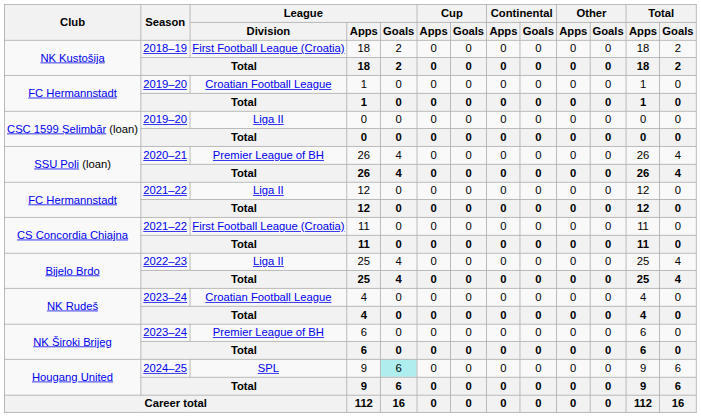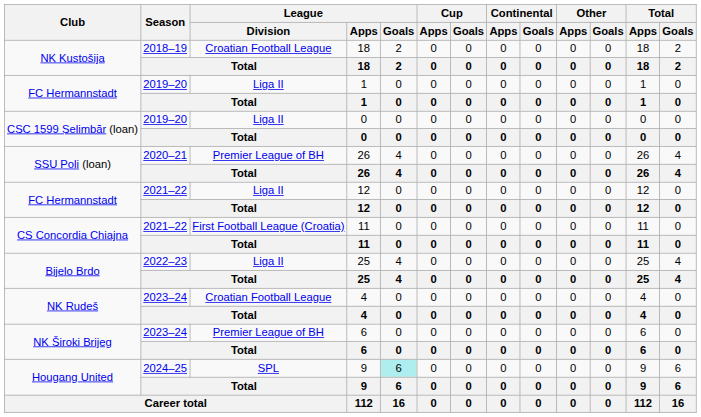 <table class="wikitable" style="text-align: center;font-size:90%">
 <tr>
 <th rowspan="2">Club</th>
 <th rowspan="2">Season</th>
 <th colspan="3">League</th>
 <th colspan="2">Cup</th>
 <th colspan="2">Continental</th>
 <th colspan="2">Other</th>
 <th colspan="2">Total</th>
 </tr>
 <tr>
 <th>Division</th>
 <th>Apps</th>
 <th>Goals</th>
 <th>Apps</th>
 <th>Goals</th>
 <th>Apps</th>
 <th>Goals</th>
 <th>Apps</th>
 <th>Goals</th>
 <th>Apps</th>
 <th>Goals</th>
 </tr>
 <tr>
 <td rowspan="2" valign="center"><a href='#'>NK Kustošija</a></td>
 <td><a href='#'>2018–19</a></td>
-<td><a href='#'>First Football League (Croatia)</a></td>
+<td><a href='#'>Croatian Football League</a></td>
 <td>18</td>
 <td>2</td>
 <td>0</td>
 <td>0</td>
 <td>0</td>
 <td>0</td>
 <td>0</td>
 <td>0</td>
 <td>18</td>
 <td>2</td>
 </tr>
 <tr>
 <th colspan="2">Total</th>
 <th>18</th>
 <th>2</th>
 <th>0</th>
 <th>0</th>
 <th>0</th>
 <th>0</th>
 <th>0</th>
 <th>0</th>
 <th>18</th>
 <th>2</th>
 </tr>
 <tr>
 <td rowspan="2" valign="center"><a href='#'>FC Hermannstadt</a></td>
 <td><a href='#'>2019–20</a></td>
-<td><a href='#'>Croatian Football League</a></td>
+<td><a href='#'>Liga II</a></td>
 <td>1</td>
 <td>0</td>
 <td>0</td>
 <td>0</td>
 <td>0</td>
 <td>0</td>
 <td>0</td>
 <td>0</td>
 <td>1</td>
 <td>0</td>
 </tr>
 <tr>
 <th colspan="2">Total</th>
 <th>1</th>
 <th>0</th>
 <th>0</th>
 <th>0</th>
 <th>0</th>
 <th>0</th>
 <th>0</th>
 <th>0</th>
 <th>1</th>
 <th>0</th>
 </tr>
 <tr>
 <td rowspan="2" valign="center"><a href='#'>CSC 1599 Șelimbăr</a> (loan)</td>
 <td><a href='#'>2019–20</a></td>
 <td><a href='#'>Liga II</a></td>
 <td>0</td>
 <td>0</td>
 <td>0</td>
 <td>0</td>
 <td>0</td>
 <td>0</td>
 <td>0</td>
 <td>0</td>
 <td>0</td>
 <td>0</td>
 </tr>
 <tr>
 <th colspan="2">Total</th>
 <th>0</th>
 <th>0</th>
 <th>0</th>
 <th>0</th>
 <th>0</th>
 <th>0</th>
 <th>0</th>
 <th>0</th>
 <th>0</th>
 <th>0</th>
 </tr>
 <tr>
 <td rowspan="2" valign="center"><a href='#'>SSU Poli</a> (loan)</td>
 <td><a href='#'>2020–21</a></td>
 <td><a href='#'>Premier League of BH</a></td>
 <td>26</td>
 <td>4</td>
 <td>0</td>
 <td>0</td>
 <td>0</td>
 <td>0</td>
 <td>0</td>
 <td>0</td>
 <td>26</td>
 <td>4</td>
 </tr>
 <tr>
 <th colspan="2">Total</th>
 <th>26</th>
 <th>4</th>
 <th>0</th>
 <th>0</th>
 <th>0</th>
 <th>0</th>
 <th>0</th>
 <th>0</th>
 <th>26</th>
 <th>4</th>
 </tr>
 <tr>
 <td rowspan="2" valign="center"><a href='#'>FC Hermannstadt</a></td>
 <td><a href='#'>2021–22</a></td>
 <td><a href='#'>Liga II</a></td>
 <td>12</td>
 <td>0</td>
 <td>0</td>
 <td>0</td>
 <td>0</td>
 <td>0</td>
 <td>0</td>
 <td>0</td>
 <td>12</td>
 <td>0</td>
 </tr>
 <tr>
 <th colspan="2">Total</th>
 <th>12</th>
 <th>0</th>
 <th>0</th>
 <th>0</th>
 <th>0</th>
 <th>0</th>
 <th>0</th>
 <th>0</th>
 <th>12</th>
 <th>0</th>
 </tr>
 <tr>
 <td rowspan="2" valign="center"><a href='#'>CS Concordia Chiajna</a></td>
 <td><a href='#'>2021–22</a></td>
 <td><a href='#'>First Football League (Croatia)</a></td>
 <td>11</td>
 <td>0</td>
 <td>0</td>
 <td>0</td>
 <td>0</td>
 <td>0</td>
 <td>0</td>
 <td>0</td>
 <td>11</td>
 <td>0</td>
 </tr>
 <tr>
 <th colspan="2">Total</th>
 <th>11</th>
 <th>0</th>
 <th>0</th>
 <th>0</th>
 <th>0</th>
 <th>0</th>
 <th>0</th>
 <th>0</th>
 <th>11</th>
 <th>0</th>
 </tr>
 <tr>
 <td rowspan="2" valign="center"><a href='#'>Bijelo Brdo</a></td>
 <td><a href='#'>2022–23</a></td>
 <td><a href='#'>Liga II</a></td>
 <td>25</td>
 <td>4</td>
 <td>0</td>
 <td>0</td>
 <td>0</td>
 <td>0</td>
 <td>0</td>
 <td>0</td>
 <td>25</td>
 <td>4</td>
 </tr>
 <tr>
 <th colspan="2">Total</th>
 <th>25</th>
 <th>4</th>
 <th>0</th>
 <th>0</th>
 <th>0</th>
 <th>0</th>
 <th>0</th>
 <th>0</th>
 <th>25</th>
 <th>4</th>
 </tr>
 <tr>
 <td rowspan="2" valign="center"><a href='#'>NK Rudeš</a></td>
 <td><a href='#'>2023–24</a></td>
 <td><a href='#'>Croatian Football League</a></td>
 <td>4</td>
 <td>0</td>
 <td>0</td>
 <td>0</td>
 <td>0</td>
 <td>0</td>
 <td>0</td>
 <td>0</td>
 <td>4</td>
 <td>0</td>
 </tr>
 <tr>
 <th colspan="2">Total</th>
 <th>4</th>
 <th>0</th>
 <th>0</th>
 <th>0</th>
 <th>0</th>
 <th>0</th>
 <th>0</th>
 <th>0</th>
 <th>4</th>
 <th>0</th>
 </tr>
 <tr>
 <td rowspan="2" valign="center"><a href='#'>NK Široki Brijeg</a></td>
 <td><a href='#'>2023–24</a></td>
 <td><a href='#'>Premier League of BH</a></td>
 <td>6</td>
 <td>0</td>
 <td>0</td>
 <td>0</td>
 <td>0</td>
 <td>0</td>
 <td>0</td>
 <td>0</td>
 <td>6</td>
 <td>0</td>
 </tr>
 <tr>
 <th colspan="2">Total</th>
 <th>6</th>
 <th>0</th>
 <th>0</th>
 <th>0</th>
 <th>0</th>
 <th>0</th>
 <th>0</th>
 <th>0</th>
 <th>6</th>
 <th>0</th>
 </tr>
 <tr>
 <td rowspan="2" valign="center"><a href='#'>Hougang United</a></td>
 <td><a href='#'>2024–25</a></td>
 <td><a href='#'>SPL</a></td>
 <td>9</td>
 <td style="background: paleturquoise;">6</td>
 <td>0</td>
 <td>0</td>
 <td>0</td>
 <td>0</td>
 <td>0</td>
 <td>0</td>
 <td>9</td>
 <td>6</td>
 </tr>
 <tr>
 <th colspan="2">Total</th>
 <th>9</th>
 <th>6</th>
 <th>0</th>
 <th>0</th>
 <th>0</th>
 <th>0</th>
 <th>0</th>
 <th>0</th>
 <th>9</th>
 <th>6</th>
 </tr>
 <tr>
 <th colspan="3">Career total</th>
 <th>112</th>
 <th>16</th>
 <th>0</th>
 <th>0</th>
 <th>0</th>
 <th>0</th>
 <th>0</th>
 <th>0</th>
 <th>112</th>
 <th>16</th>
 </tr>
 </table>
